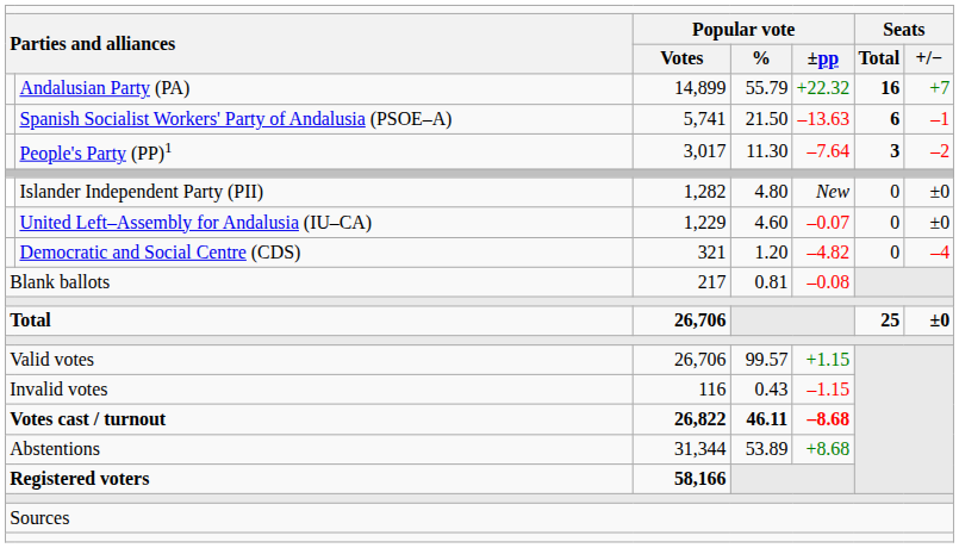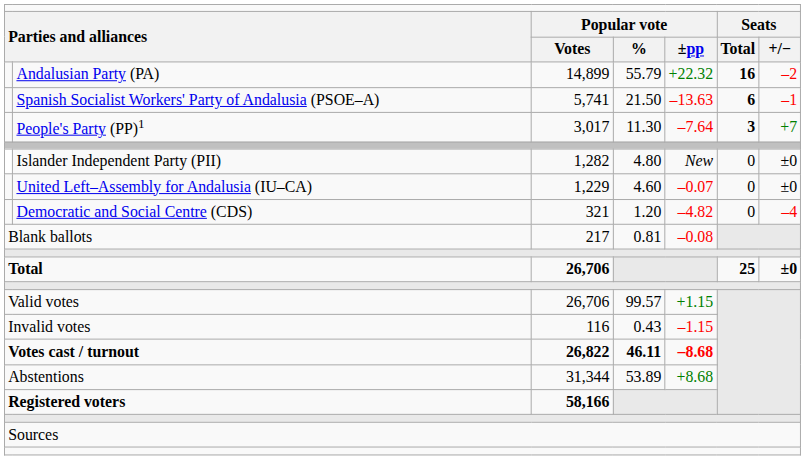 <table class="wikitable" style="text-align:right;">
 <tr>
 <td colspan="7"></td>
 </tr>
 <tr>
 <th style="text-align:left;" rowspan="2" colspan="2" width="525">Parties and alliances</th>
 <th colspan="3">Popular vote</th>
 <th colspan="2">Seats</th>
 </tr>
 <tr>
 <th width="75">Votes</th>
 <th width="45">%</th>
 <th width="45">±<a href='#'>pp</a></th>
 <th width="35">Total</th>
 <th width="35">+/−</th>
 </tr>
 <tr>
 <td width="1" style="color:inherit;background:"></td>
 <td align="left"><a href='#'>Andalusian Party</a> (PA)</td>
 <td>14,899</td>
 <td>55.79</td>
 <td style="color:green;">+22.32</td>
 <td><strong>16</strong></td>
-<td style="color:green;">+7</td>
+<td style="color:red;">–2</td>
 </tr>
 <tr>
 <td style="color:inherit;background:"></td>
 <td align="left"><a href='#'>Spanish Socialist Workers' Party of Andalusia</a> (PSOE–A)</td>
 <td>5,741</td>
 <td>21.50</td>
 <td style="color:red;">–13.63</td>
 <td><strong>6</strong></td>
 <td style="color:red;">–1</td>
 </tr>
 <tr>
 <td style="color:inherit;background:"></td>
 <td align="left"><a href='#'>People's Party</a> (PP)<sup>1</sup></td>
 <td>3,017</td>
 <td>11.30</td>
 <td style="color:red;">–7.64</td>
 <td><strong>3</strong></td>
-<td style="color:red;">–2</td>
+<td style="color:green;">+7</td>
 </tr>
 <tr>
 <td colspan="7" bgcolor="#C0C0C0"></td>
 </tr>
 <tr>
 <td bgcolor="white"></td>
 <td align="left">Islander Independent Party (PII)</td>
 <td>1,282</td>
 <td>4.80</td>
 <td><em>New</em></td>
 <td>0</td>
 <td>±0</td>
 </tr>
 <tr>
 <td style="color:inherit;background:"></td>
 <td align="left"><a href='#'>United Left–Assembly for Andalusia</a> (IU–CA)</td>
 <td>1,229</td>
 <td>4.60</td>
 <td style="color:red;">–0.07</td>
 <td>0</td>
 <td>±0</td>
 </tr>
 <tr>
 <td style="color:inherit;background:"></td>
 <td align="left"><a href='#'>Democratic and Social Centre</a> (CDS)</td>
 <td>321</td>
 <td>1.20</td>
 <td style="color:red;">–4.82</td>
 <td>0</td>
 <td style="color:red;">–4</td>
 </tr>
 <tr>
 <td align="left" colspan="2">Blank ballots</td>
 <td>217</td>
 <td>0.81</td>
 <td style="color:red;">–0.08</td>
 <td bgcolor="#E9E9E9" colspan="2"></td>
 </tr>
 <tr>
 <td colspan="7" bgcolor="#E9E9E9"></td>
 </tr>
 <tr style="font-weight:bold;">
 <td align="left" colspan="2">Total</td>
 <td>26,706</td>
 <td bgcolor="#E9E9E9" colspan="2"></td>
 <td>25</td>
 <td>±0</td>
 </tr>
 <tr>
 <td colspan="7" bgcolor="#E9E9E9"></td>
 </tr>
 <tr>
 <td align="left" colspan="2">Valid votes</td>
 <td>26,706</td>
 <td>99.57</td>
 <td style="color:green;">+1.15</td>
 <td bgcolor="#E9E9E9" colspan="2" rowspan="5"></td>
 </tr>
 <tr>
 <td align="left" colspan="2">Invalid votes</td>
 <td>116</td>
 <td>0.43</td>
 <td style="color:red;">–1.15</td>
 </tr>
 <tr style="font-weight:bold;">
 <td align="left" colspan="2">Votes cast / turnout</td>
 <td>26,822</td>
 <td>46.11</td>
 <td style="color:red;">–8.68</td>
 </tr>
 <tr>
 <td align="left" colspan="2">Abstentions</td>
 <td>31,344</td>
 <td>53.89</td>
 <td style="color:green;">+8.68</td>
 </tr>
 <tr style="font-weight:bold;">
 <td align="left" colspan="2">Registered voters</td>
 <td>58,166</td>
 <td bgcolor="#E9E9E9" colspan="2"></td>
 </tr>
 <tr>
 <td colspan="7" bgcolor="#E9E9E9"></td>
 </tr>
 <tr>
 <td align="left" colspan="7">Sources</td>
 </tr>
 <tr>
 <td colspan="7" style="text-align:left; max-width:790px;"></td>
 </tr>
 </table>
